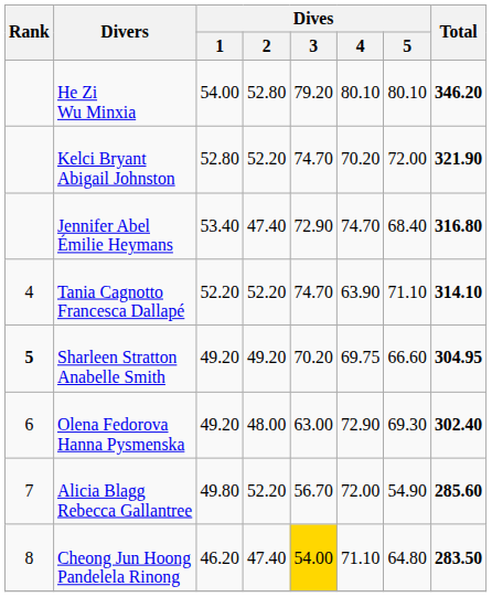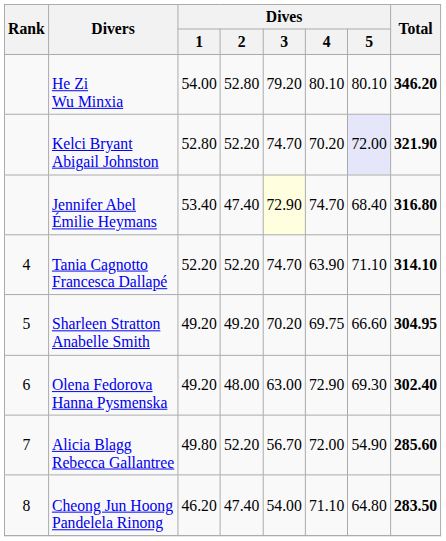 <table class="wikitable sortable">
 <tr>
 <th rowspan="2">Rank</th>
 <th rowspan="2">Divers</th>
 <th colspan="5">Dives</th>
 <th rowspan="2">Total</th>
 </tr>
 <tr>
 <th>1</th>
 <th>2</th>
 <th>3</th>
 <th>4</th>
 <th>5</th>
 </tr>
 <tr>
 <td align="center"></td>
 <td><br><a href='#'>He Zi</a><br><a href='#'>Wu Minxia</a></td>
 <td align="center">54.00</td>
 <td align="center">52.80</td>
 <td align="center">79.20</td>
 <td align="center">80.10</td>
 <td align="center">80.10</td>
 <td align="center"><strong>346.20</strong></td>
 </tr>
 <tr>
 <td align="center"></td>
 <td><br><a href='#'>Kelci Bryant</a><br><a href='#'>Abigail Johnston</a></td>
 <td align="center">52.80</td>
 <td align="center">52.20</td>
 <td align="center">74.70</td>
 <td align="center">70.20</td>
-<td align="center">72.00</td>
+<td align="center" style="background: lavender;">72.00</td>
 <td align="center"><strong>321.90</strong></td>
 </tr>
 <tr>
 <td align="center"></td>
 <td><br><a href='#'>Jennifer Abel</a><br><a href='#'>Émilie Heymans</a></td>
 <td align="center">53.40</td>
 <td align="center">47.40</td>
-<td align="center">72.90</td>
+<td align="center" style="background: lightyellow;">72.90</td>
 <td align="center">74.70</td>
 <td align="center">68.40</td>
 <td align="center"><strong>316.80</strong></td>
 </tr>
 <tr>
 <td align="center">4</td>
 <td><br><a href='#'>Tania Cagnotto</a><br><a href='#'>Francesca Dallapé</a></td>
 <td align="center">52.20</td>
 <td align="center">52.20</td>
 <td align="center">74.70</td>
 <td align="center">63.90</td>
 <td align="center">71.10</td>
 <td align="center"><strong>314.10</strong></td>
 </tr>
 <tr>
-<td align="center"><strong>5</strong></td>
+<td align="center">5</td>
 <td><br><a href='#'>Sharleen Stratton</a><br><a href='#'>Anabelle Smith</a></td>
 <td align="center">49.20</td>
 <td align="center">49.20</td>
 <td align="center">70.20</td>
 <td align="center">69.75</td>
 <td align="center">66.60</td>
 <td align="center"><strong>304.95</strong></td>
 </tr>
 <tr>
 <td align="center">6</td>
 <td><br><a href='#'>Olena Fedorova</a><br><a href='#'>Hanna Pysmenska</a></td>
 <td align="center">49.20</td>
 <td align="center">48.00</td>
 <td align="center">63.00</td>
 <td align="center">72.90</td>
 <td align="center">69.30</td>
 <td align="center"><strong>302.40</strong></td>
 </tr>
 <tr>
 <td align="center">7</td>
 <td><br><a href='#'>Alicia Blagg</a><br><a href='#'>Rebecca Gallantree</a></td>
 <td align="center">49.80</td>
 <td align="center">52.20</td>
 <td align="center">56.70</td>
 <td align="center">72.00</td>
 <td align="center">54.90</td>
 <td align="center"><strong>285.60</strong></td>
 </tr>
 <tr>
 <td align="center">8</td>
 <td><br><a href='#'>Cheong Jun Hoong</a><br><a href='#'>Pandelela Rinong</a></td>
 <td align="center">46.20</td>
 <td align="center">47.40</td>
-<td align="center" style="background: gold;">54.00</td>
+<td align="center">54.00</td>
 <td align="center">71.10</td>
 <td align="center">64.80</td>
 <td align="center"><strong>283.50</strong></td>
 </tr>
 <tr>
 </tr>
 </table>
